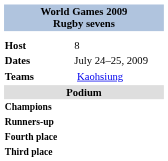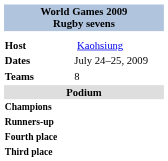 <table class="toccolours" style="float: right; margin: 0 0 1em 1em; font-size: 90%;" width=220px>
 <tr>
 <td colspan="2"  style="background:#b0c4de; text-align:center; height:30px;"><strong>World Games 2009<br>Rugby sevens</strong></td>
 </tr>
 <tr>
 <td colspan="2" style="text-align: center;"></td>
 </tr>
 <tr style="vertical-align:top;">
 <td colspan=2></td>
 </tr>
 <tr style="vertical-align:top;">
 <td><strong>Host</strong></td>
-<td>8</td>
+<td> <a href='#'>Kaohsiung</a></td>
 </tr>
 <tr style="vertical-align:top;">
 <td><strong>Dates</strong></td>
 <td>July 24–25, 2009</td>
 </tr>
 <tr style="vertical-align:top;">
 <td width=90><strong>Teams</strong></td>
-<td> <a href='#'>Kaohsiung</a></td>
+<td>8</td>
 </tr>
 <tr>
 <td colspan="2" style="background: #dedede; text-align: center;"><strong>Podium</strong></td>
 </tr>
 <tr style="vertical-align:top;">
 <td style="font-size:90%; width:90px;"> <strong>Champions</strong></td>
 <td></td>
 </tr>
 <tr>
 <td style="font-size:90%; width:90px;"> <strong>Runners-up</strong></td>
 <td></td>
 </tr>
 <tr>
 <td style="font-size:90%; width:90px;"><strong>Fourth place</strong></td>
 <td></td>
 </tr>
 <tr>
 <td style="font-size:90%; width:90px;"> <strong>Third place</strong></td>
 <td></td>
 </tr>
 </table>
